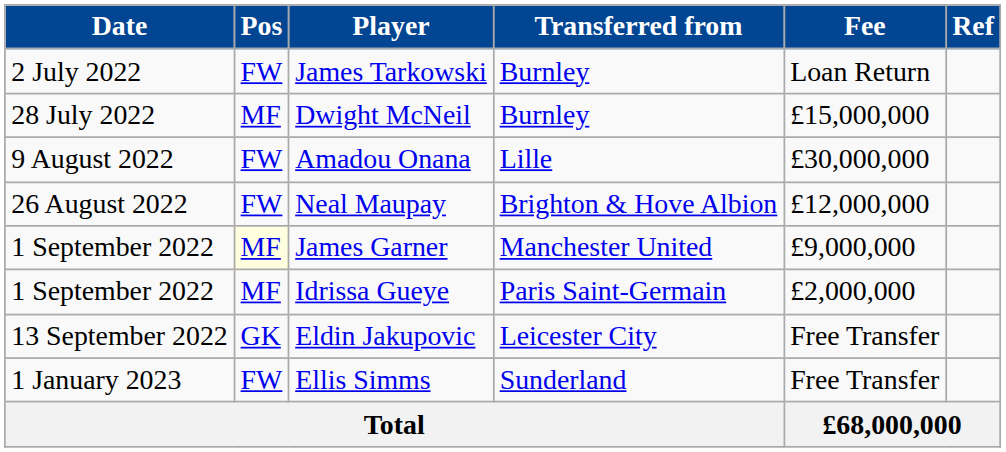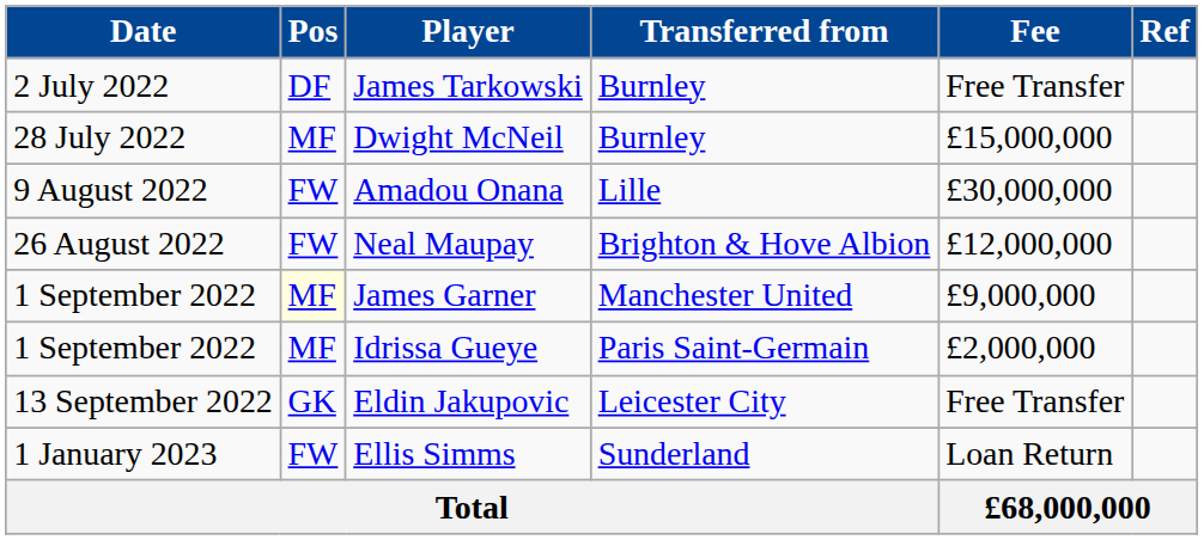 <table class="wikitable plainrowheaders sortable">
 <tr>
 <th style="background:#014593; color:#ffffff; ">Date</th>
 <th style="background:#014593; color:#ffffff; ">Pos</th>
 <th style="background:#014593; color:#ffffff; ">Player</th>
 <th style="background:#014593; color:#ffffff; ">Transferred from</th>
 <th style="background:#014593; color:#ffffff; ">Fee</th>
 <th style="background:#014593; color:#ffffff; ">Ref</th>
 </tr>
 <tr>
 <td>2 July 2022</td>
-<td><a href='#'>FW</a></td>
+<td><a href='#'>DF</a></td>
 <td> <a href='#'>James Tarkowski</a></td>
 <td> <a href='#'>Burnley</a></td>
-<td>Loan Return</td>
+<td>Free Transfer</td>
 <td></td>
 </tr>
 <tr>
 <td>28 July 2022</td>
 <td><a href='#'>MF</a></td>
 <td> <a href='#'>Dwight McNeil</a></td>
 <td> <a href='#'>Burnley</a></td>
 <td>£15,000,000</td>
 <td></td>
 </tr>
 <tr>
 <td>9 August 2022</td>
 <td><a href='#'>FW</a></td>
 <td> <a href='#'>Amadou Onana</a></td>
 <td> <a href='#'>Lille</a></td>
 <td>£30,000,000</td>
 <td></td>
 </tr>
 <tr>
 <td>26 August 2022</td>
 <td><a href='#'>FW</a></td>
 <td> <a href='#'>Neal Maupay</a></td>
 <td> <a href='#'>Brighton & Hove Albion</a></td>
 <td>£12,000,000</td>
 <td></td>
 </tr>
 <tr>
 <td>1 September 2022</td>
 <td style="background: lightyellow;"><a href='#'>MF</a></td>
 <td> <a href='#'>James Garner</a></td>
 <td> <a href='#'>Manchester United</a></td>
 <td>£9,000,000</td>
 <td></td>
 </tr>
 <tr>
 <td>1 September 2022</td>
 <td><a href='#'>MF</a></td>
 <td> <a href='#'>Idrissa Gueye</a></td>
 <td> <a href='#'>Paris Saint-Germain</a></td>
 <td>£2,000,000</td>
 <td></td>
 </tr>
 <tr>
 <td>13 September 2022</td>
 <td><a href='#'>GK</a></td>
 <td> <a href='#'>Eldin Jakupovic</a></td>
 <td> <a href='#'>Leicester City</a></td>
 <td>Free Transfer</td>
 <td></td>
 </tr>
 <tr>
 <td>1 January 2023</td>
 <td><a href='#'>FW</a></td>
 <td> <a href='#'>Ellis Simms</a></td>
 <td> <a href='#'>Sunderland</a></td>
-<td>Free Transfer</td>
+<td>Loan Return</td>
 <td></td>
 </tr>
 <tr>
 <th colspan="4">Total</th>
 <th colspan="3">£68,000,000</th>
 </tr>
 </table>
